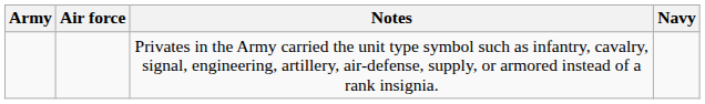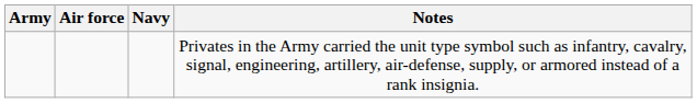 <table class="wikitable">
 <tr>
 <th>Army</th>
 <th>Air force</th>
+<th>Navy</th>
 <th>Notes</th>
-<th>Navy</th>
 </tr>
 <tr align=center>
 <td></td>
 <td></td>
+<td></td>
 <td style="max-width:30em">Privates in the Army carried the unit type symbol such as infantry, cavalry, signal, engineering, artillery, air-defense, supply, or armored instead of a rank insignia.</td>
-<td></td>
 </tr>
 </table>
